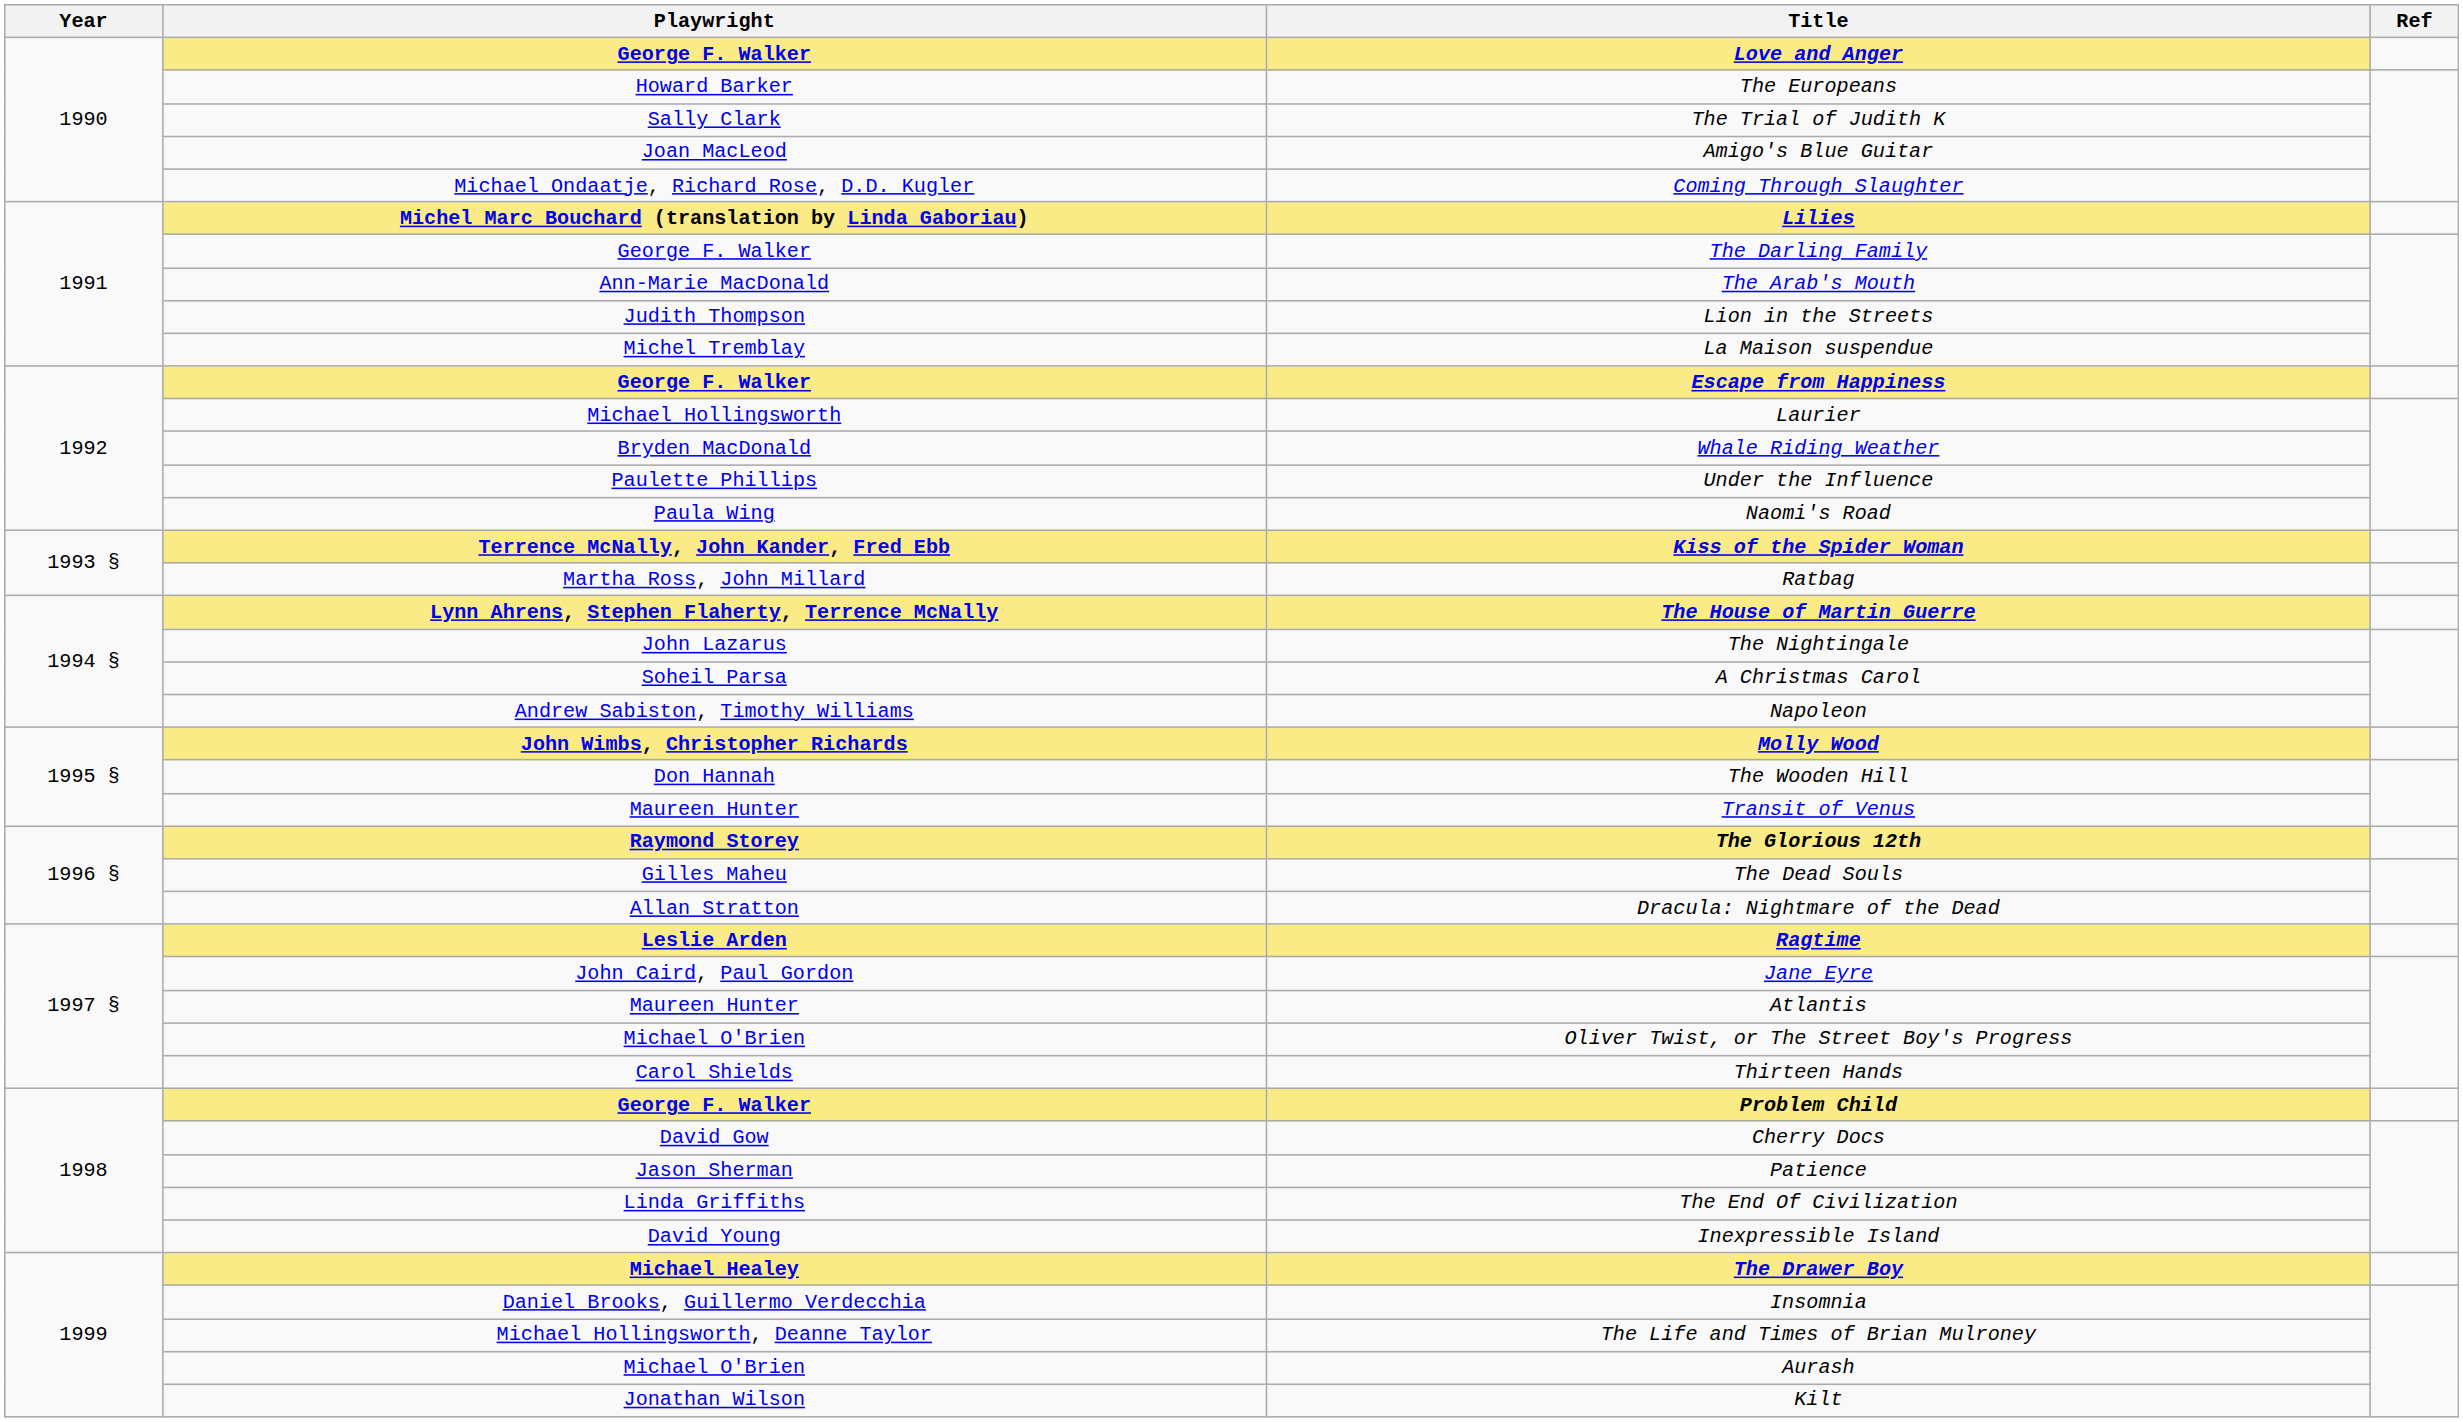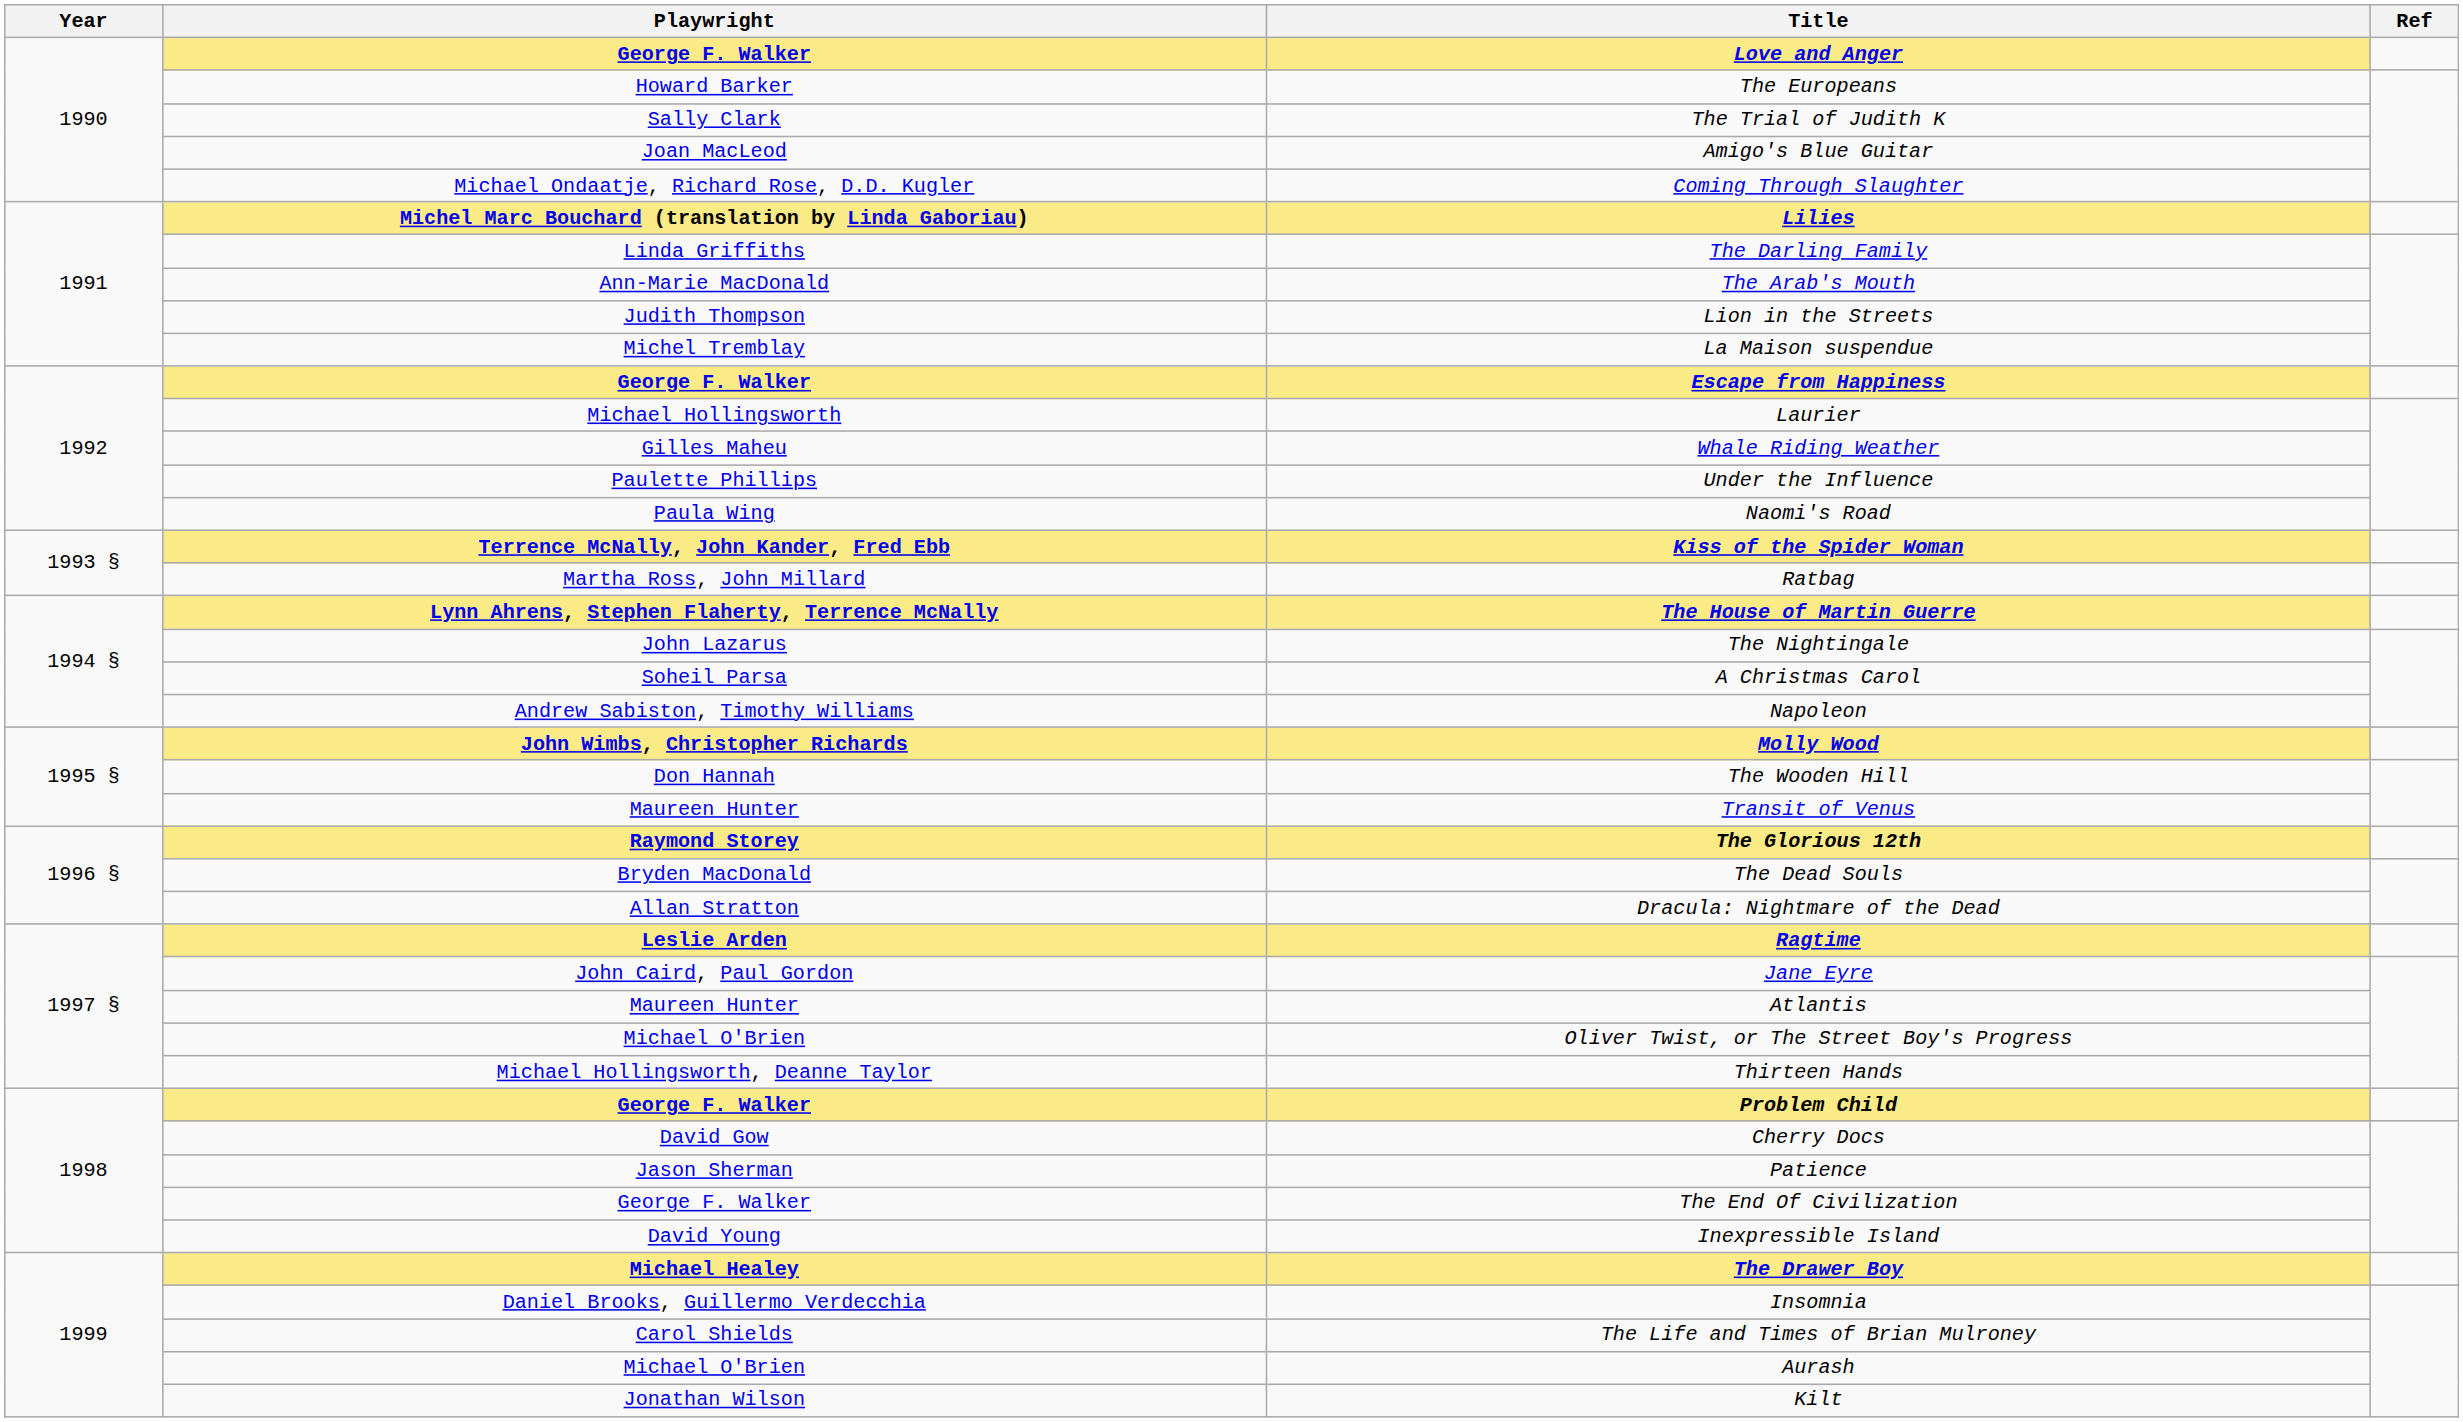 <table class="wikitable" width="100%" style="text-align:center;">
 <tr>
 <th>Year</th>
 <th width="45%">Playwright</th>
 <th width="45%">Title</th>
 <th>Ref</th>
 </tr>
 <tr>
 <td rowspan=5>1990</td>
 <td style="background:#FAEB86"><strong><a href='#'>George F. Walker</a></strong></td>
 <td style="background:#FAEB86"><strong><em><a href='#'>Love and Anger</a></em></strong></td>
 <td></td>
 </tr>
 <tr>
 <td><a href='#'>Howard Barker</a></td>
 <td><em>The Europeans</em></td>
 <td rowspan=4></td>
 </tr>
 <tr>
 <td><a href='#'>Sally Clark</a></td>
 <td><em>The Trial of Judith K</em></td>
 </tr>
 <tr>
 <td><a href='#'>Joan MacLeod</a></td>
 <td><em>Amigo's Blue Guitar</em></td>
 </tr>
 <tr>
 <td><a href='#'>Michael Ondaatje</a>, <a href='#'>Richard Rose</a>, <a href='#'>D.D. Kugler</a></td>
 <td><em><a href='#'>Coming Through Slaughter</a></em></td>
 </tr>
 <tr>
 <td rowspan=5>1991</td>
 <td style="background:#FAEB86"><strong><a href='#'>Michel Marc Bouchard</a> (translation by <a href='#'>Linda Gaboriau</a>)</strong></td>
 <td style="background:#FAEB86"><strong><em><a href='#'>Lilies</a></em></strong></td>
 <td></td>
 </tr>
 <tr>
-<td><a href='#'>George F. Walker</a></td>
+<td><a href='#'>Linda Griffiths</a></td>
 <td><em><a href='#'>The Darling Family</a></em></td>
 <td rowspan=4></td>
 </tr>
 <tr>
 <td><a href='#'>Ann-Marie MacDonald</a></td>
 <td><em><a href='#'>The Arab's Mouth</a></em></td>
 </tr>
 <tr>
 <td><a href='#'>Judith Thompson</a></td>
 <td><em>Lion in the Streets</em></td>
 </tr>
 <tr>
 <td><a href='#'>Michel Tremblay</a></td>
 <td><em>La Maison suspendue</em></td>
 </tr>
 <tr>
 <td rowspan=5>1992</td>
 <td style="background:#FAEB86"><strong><a href='#'>George F. Walker</a></strong></td>
 <td style="background:#FAEB86"><strong><em><a href='#'>Escape from Happiness</a></em></strong></td>
 <td></td>
 </tr>
 <tr>
 <td><a href='#'>Michael Hollingsworth</a></td>
 <td><em>Laurier</em></td>
 <td rowspan=4></td>
 </tr>
 <tr>
-<td><a href='#'>Bryden MacDonald</a></td>
+<td><a href='#'>Gilles Maheu</a></td>
 <td><em><a href='#'>Whale Riding Weather</a></em></td>
 </tr>
 <tr>
 <td><a href='#'>Paulette Phillips</a></td>
 <td><em>Under the Influence</em></td>
 </tr>
 <tr>
 <td><a href='#'>Paula Wing</a></td>
 <td><em>Naomi's Road</em></td>
 </tr>
 <tr>
 <td rowspan=2>1993 §</td>
 <td style="background:#FAEB86"><strong><a href='#'>Terrence McNally</a>, <a href='#'>John Kander</a>, <a href='#'>Fred Ebb</a></strong></td>
 <td style="background:#FAEB86"><strong><em><a href='#'>Kiss of the Spider Woman</a></em></strong></td>
 <td></td>
 </tr>
 <tr>
 <td><a href='#'>Martha Ross</a>, <a href='#'>John Millard</a></td>
 <td><em>Ratbag</em></td>
 <td></td>
 </tr>
 <tr>
 <td rowspan=4>1994 §</td>
 <td style="background:#FAEB86"><strong><a href='#'>Lynn Ahrens</a>, <a href='#'>Stephen Flaherty</a>, <a href='#'>Terrence McNally</a></strong></td>
 <td style="background:#FAEB86"><strong><em><a href='#'>The House of Martin Guerre</a></em></strong></td>
 <td></td>
 </tr>
 <tr>
 <td><a href='#'>John Lazarus</a></td>
 <td><em>The Nightingale</em></td>
 <td rowspan=3></td>
 </tr>
 <tr>
 <td><a href='#'>Soheil Parsa</a></td>
 <td><em>A Christmas Carol</em></td>
 </tr>
 <tr>
 <td><a href='#'>Andrew Sabiston</a>, <a href='#'>Timothy Williams</a></td>
 <td><em>Napoleon</em></td>
 </tr>
 <tr>
 <td rowspan=3>1995 §</td>
 <td style="background:#FAEB86"><strong><a href='#'>John Wimbs</a>, <a href='#'>Christopher Richards</a></strong></td>
 <td style="background:#FAEB86"><strong><em><a href='#'>Molly Wood</a></em></strong></td>
 <td></td>
 </tr>
 <tr>
 <td><a href='#'>Don Hannah</a></td>
 <td><em>The Wooden Hill</em></td>
 <td rowspan=2></td>
 </tr>
 <tr>
 <td><a href='#'>Maureen Hunter</a></td>
 <td><em><a href='#'>Transit of Venus</a></em></td>
 </tr>
 <tr>
 <td rowspan=3>1996 §</td>
 <td style="background:#FAEB86"><strong><a href='#'>Raymond Storey</a></strong></td>
 <td style="background:#FAEB86"><strong><em>The Glorious 12th</em></strong></td>
 <td></td>
 </tr>
 <tr>
-<td><a href='#'>Gilles Maheu</a></td>
+<td><a href='#'>Bryden MacDonald</a></td>
 <td><em>The Dead Souls</em></td>
 <td rowspan=2></td>
 </tr>
 <tr>
 <td><a href='#'>Allan Stratton</a></td>
 <td><em>Dracula: Nightmare of the Dead</em></td>
 </tr>
 <tr>
 <td rowspan=5>1997 §</td>
 <td style="background:#FAEB86"><strong><a href='#'>Leslie Arden</a></strong></td>
 <td style="background:#FAEB86"><strong><em><a href='#'>Ragtime</a></em></strong></td>
 <td></td>
 </tr>
 <tr>
 <td><a href='#'>John Caird</a>, <a href='#'>Paul Gordon</a></td>
 <td><em><a href='#'>Jane Eyre</a></em></td>
 <td rowspan=4></td>
 </tr>
 <tr>
 <td><a href='#'>Maureen Hunter</a></td>
 <td><em>Atlantis</em></td>
 </tr>
 <tr>
 <td><a href='#'>Michael O'Brien</a></td>
 <td><em>Oliver Twist, or The Street Boy's Progress</em></td>
 </tr>
 <tr>
-<td><a href='#'>Carol Shields</a></td>
+<td><a href='#'>Michael Hollingsworth</a>, <a href='#'>Deanne Taylor</a></td>
 <td><em>Thirteen Hands</em></td>
 </tr>
 <tr>
 <td rowspan=5>1998</td>
 <td style="background:#FAEB86"><strong><a href='#'>George F. Walker</a></strong></td>
 <td style="background:#FAEB86"><strong><em>Problem Child</em></strong></td>
 <td></td>
 </tr>
 <tr>
 <td><a href='#'>David Gow</a></td>
 <td><em>Cherry Docs</em></td>
 <td rowspan=4></td>
 </tr>
 <tr>
 <td><a href='#'>Jason Sherman</a></td>
 <td><em>Patience</em></td>
 </tr>
 <tr>
-<td><a href='#'>Linda Griffiths</a></td>
+<td><a href='#'>George F. Walker</a></td>
 <td><em>The End Of Civilization</em></td>
 </tr>
 <tr>
 <td><a href='#'>David Young</a></td>
 <td><em>Inexpressible Island</em></td>
 </tr>
 <tr>
 <td rowspan=5>1999</td>
 <td style="background:#FAEB86"><strong><a href='#'>Michael Healey</a></strong></td>
 <td style="background:#FAEB86"><strong><em><a href='#'>The Drawer Boy</a></em></strong></td>
 <td></td>
 </tr>
 <tr>
 <td><a href='#'>Daniel Brooks</a>, <a href='#'>Guillermo Verdecchia</a></td>
 <td><em>Insomnia</em></td>
 <td rowspan=4></td>
 </tr>
 <tr>
-<td><a href='#'>Michael Hollingsworth</a>, <a href='#'>Deanne Taylor</a></td>
+<td><a href='#'>Carol Shields</a></td>
 <td><em>The Life and Times of Brian Mulroney</em></td>
 </tr>
 <tr>
 <td><a href='#'>Michael O'Brien</a></td>
 <td><em>Aurash</em></td>
 </tr>
 <tr>
 <td><a href='#'>Jonathan Wilson</a></td>
 <td><em>Kilt</em></td>
 </tr>
 </table>
